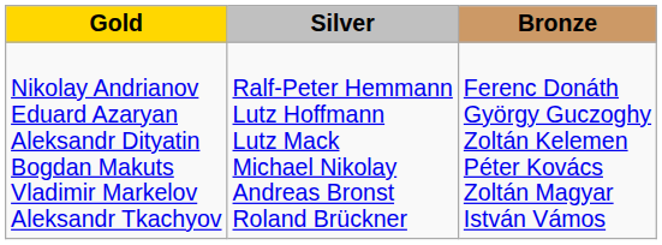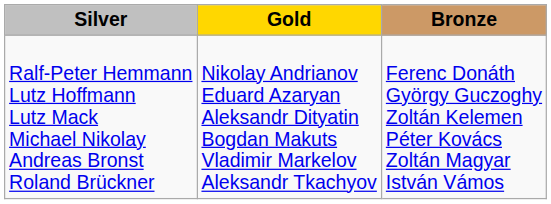 <table class="wikitable">
 <tr>
+<td align=center bgcolor=silver> <strong>Silver</strong></td>
 <td align=center bgcolor=gold> <strong>Gold</strong></td>
-<td align=center bgcolor=silver> <strong>Silver</strong></td>
 <td align=center bgcolor=cc9966> <strong>Bronze</strong></td>
 </tr>
 <tr>
+<td><br><a href='#'>Ralf-Peter Hemmann</a><br><a href='#'>Lutz Hoffmann</a><br><a href='#'>Lutz Mack</a><br><a href='#'>Michael Nikolay</a><br><a href='#'>Andreas Bronst</a><br><a href='#'>Roland Brückner</a></td>
 <td><br><a href='#'>Nikolay Andrianov</a><br><a href='#'>Eduard Azaryan</a><br><a href='#'>Aleksandr Dityatin</a><br><a href='#'>Bogdan Makuts</a><br><a href='#'>Vladimir Markelov</a><br><a href='#'>Aleksandr Tkachyov</a></td>
-<td><br><a href='#'>Ralf-Peter Hemmann</a><br><a href='#'>Lutz Hoffmann</a><br><a href='#'>Lutz Mack</a><br><a href='#'>Michael Nikolay</a><br><a href='#'>Andreas Bronst</a><br><a href='#'>Roland Brückner</a></td>
 <td><br><a href='#'>Ferenc Donáth</a><br><a href='#'>György Guczoghy</a><br><a href='#'>Zoltán Kelemen</a><br><a href='#'>Péter Kovács</a><br><a href='#'>Zoltán Magyar</a><br><a href='#'>István Vámos</a></td>
 </tr>
 </table>
